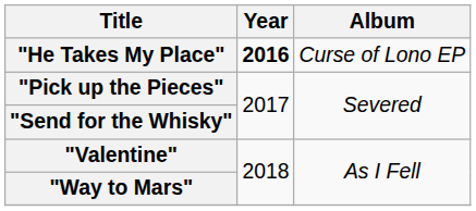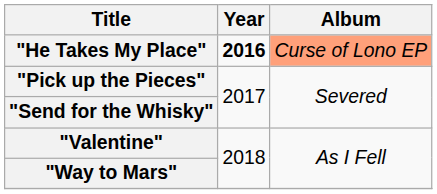 <table class="wikitable plainrowheaders" style="text-align:center;">
 <tr>
 <th scope="col">Title</th>
 <th scope="col">Year</th>
 <th scope="col">Album</th>
 </tr>
 <tr>
 <th scope="row">"He Takes My Place"</th>
 <td><strong>2016</strong></td>
-<td><em>Curse of Lono EP</em></td>
+<td style="background: lightsalmon;"><em>Curse of Lono EP</em></td>
 </tr>
 <tr>
 <th scope="row">"Pick up the Pieces"</th>
 <td rowspan="2">2017</td>
 <td rowspan="2"><em>Severed</em></td>
 </tr>
 <tr>
 <th scope="row">"Send for the Whisky"</th>
 </tr>
 <tr>
 <th scope="row">"Valentine"</th>
 <td rowspan="2">2018</td>
 <td rowspan="2"><em>As I Fell</em></td>
 </tr>
 <tr>
 <th scope="row">"Way to Mars"</th>
 </tr>
 <tr>
 </tr>
 </table>
